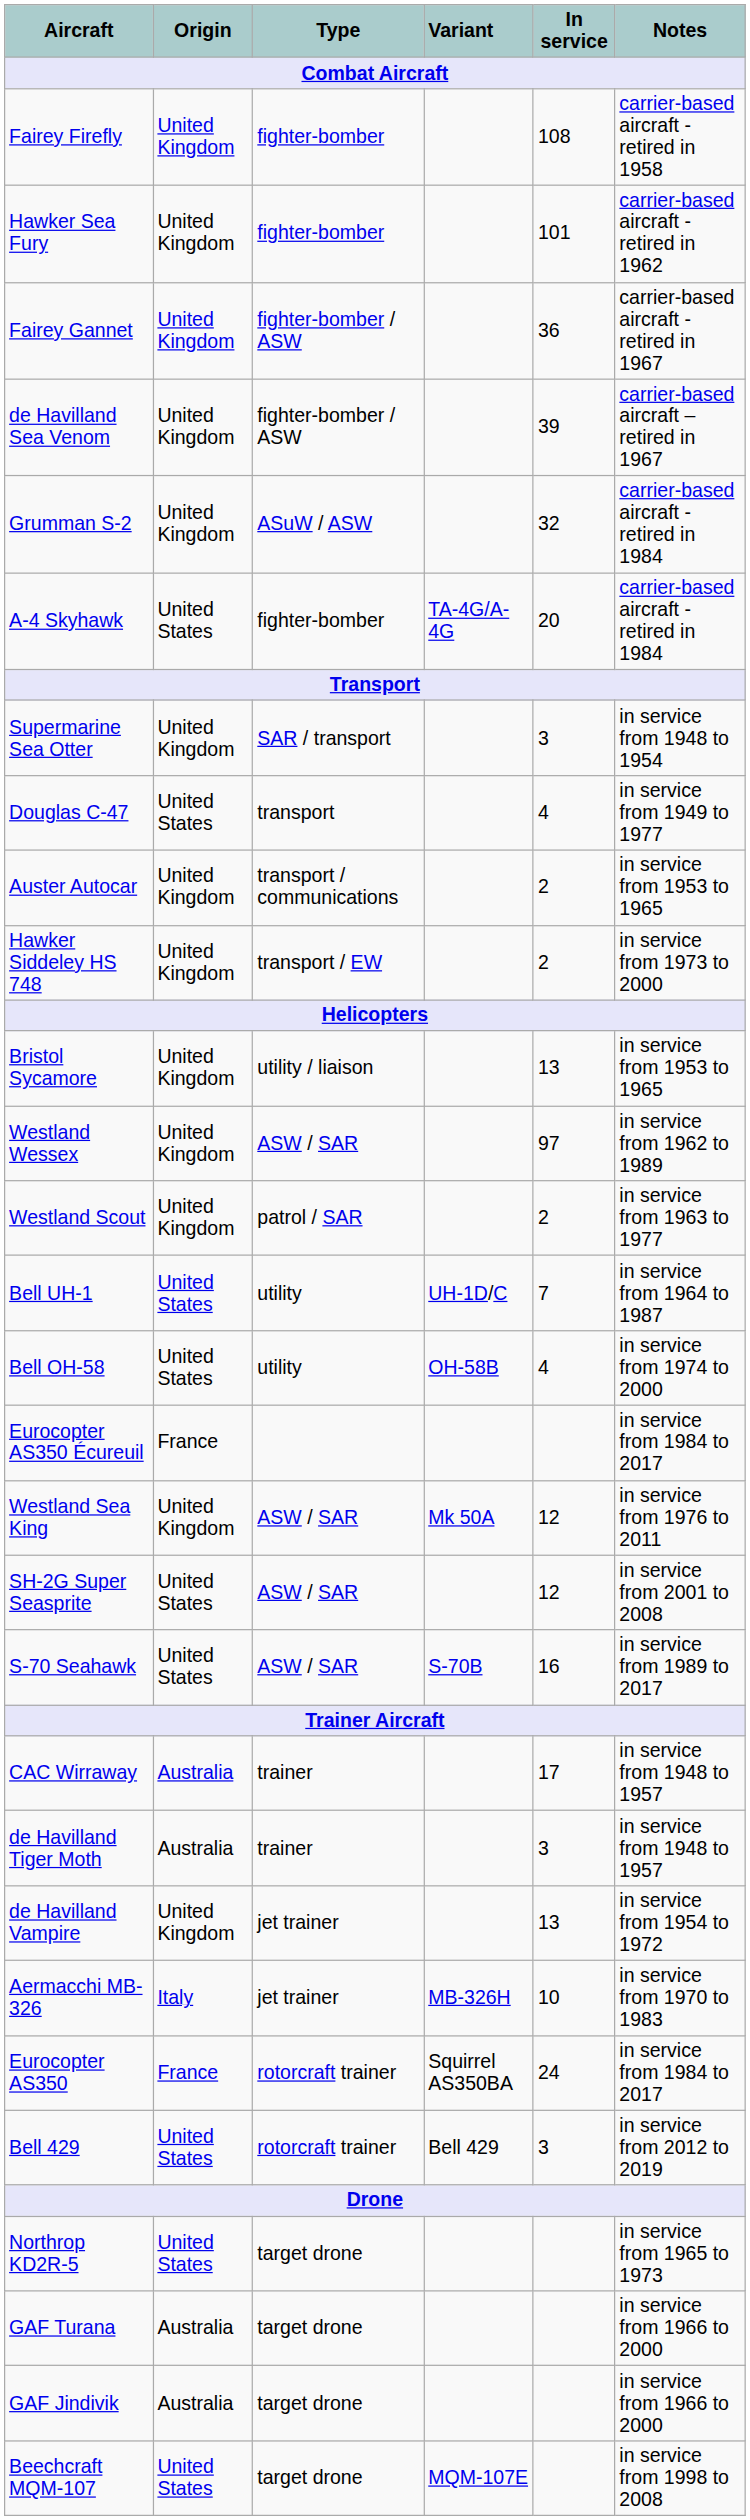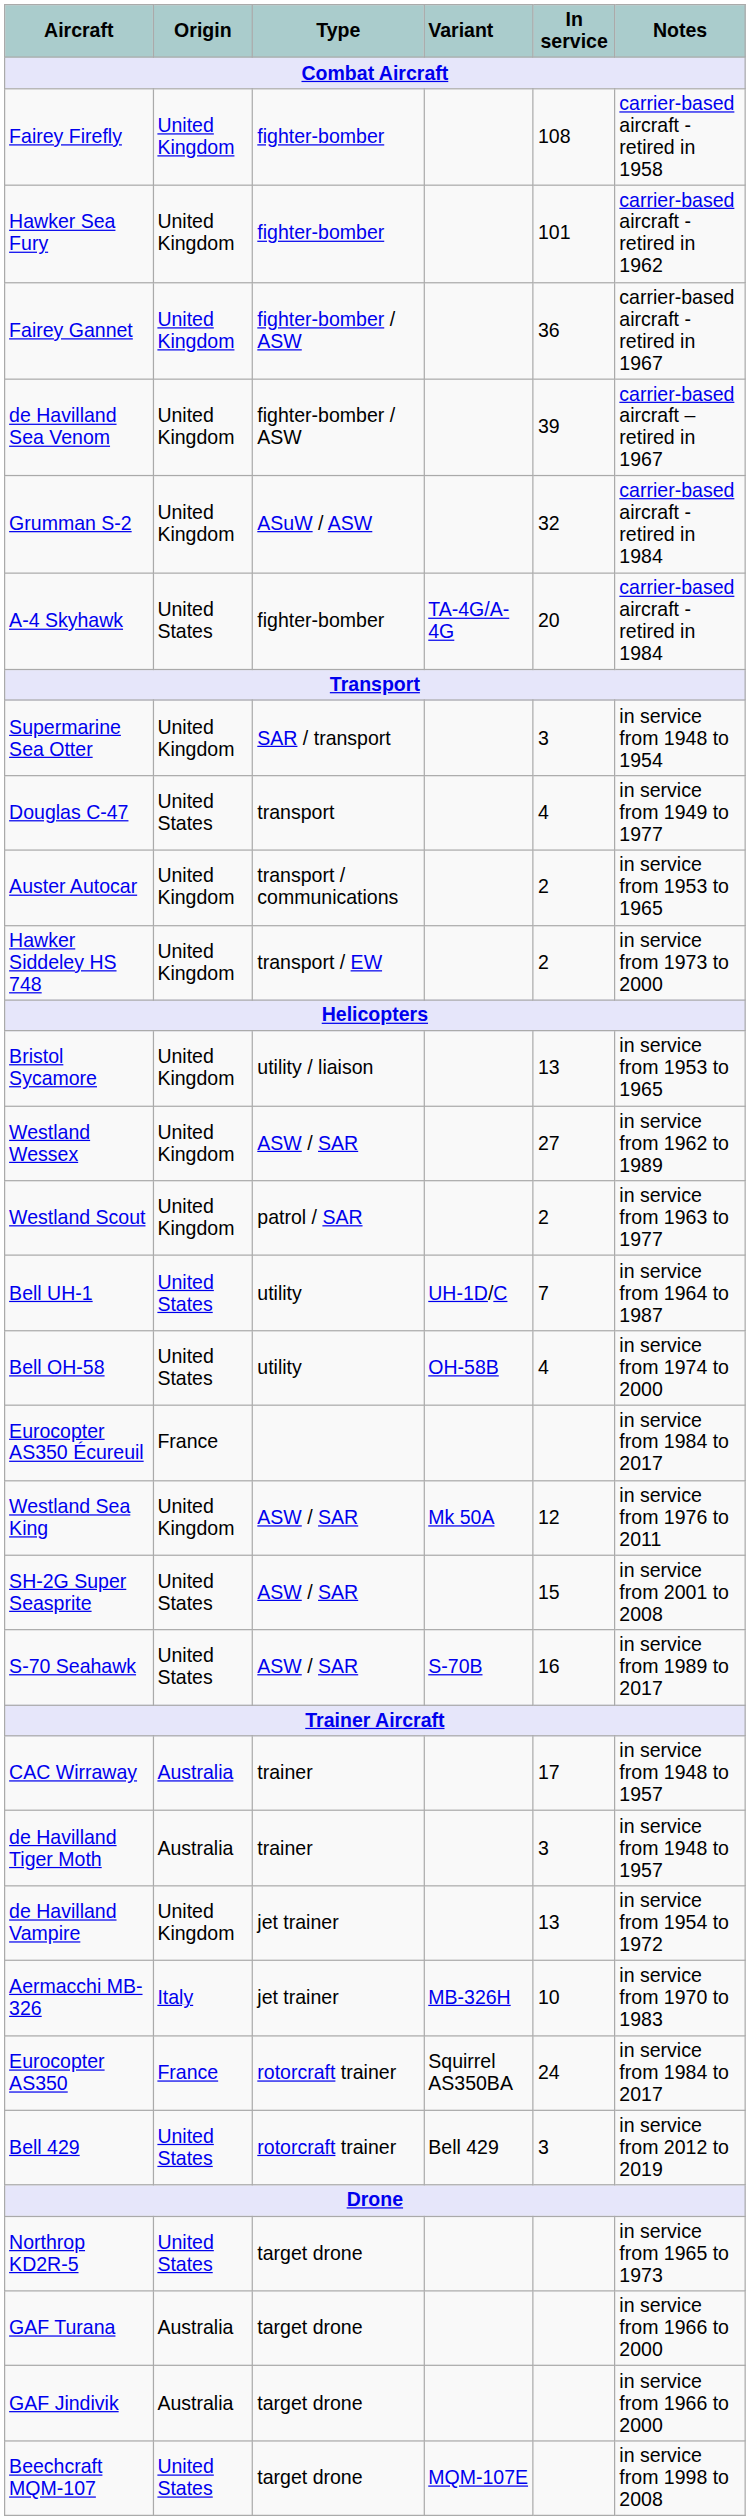 <table class="wikitable">
 <tr>
 <th style="text-align:center; background:#acc;">Aircraft</th>
 <th style="text-align: center; background:#acc;">Origin</th>
 <th style="text-align:l center; background:#acc;">Type</th>
 <th style="text-align:left; background:#acc;">Variant</th>
 <th style="text-align:center; background:#acc;">In service</th>
 <th style="text-align: center; background:#acc;">Notes</th>
 </tr>
 <tr>
 <th style="align: center; background: lavender;" colspan="7"><a href='#'>Combat Aircraft</a></th>
 </tr>
 <tr>
 <td><a href='#'>Fairey Firefly</a></td>
 <td><a href='#'>United Kingdom</a></td>
 <td><a href='#'>fighter-bomber</a></td>
 <td></td>
 <td>108</td>
 <td><a href='#'>carrier-based</a> aircraft - retired in 1958</td>
 </tr>
 <tr>
 <td><a href='#'>Hawker Sea Fury</a></td>
 <td>United Kingdom</td>
 <td><a href='#'>fighter-bomber</a></td>
 <td></td>
 <td>101</td>
 <td><a href='#'>carrier-based</a> aircraft - retired in 1962</td>
 </tr>
 <tr>
 <td><a href='#'>Fairey Gannet</a></td>
 <td><a href='#'>United Kingdom</a></td>
 <td><a href='#'>fighter-bomber</a> / <a href='#'>ASW</a></td>
 <td></td>
 <td>36</td>
 <td>carrier-based aircraft - retired in 1967</td>
 </tr>
 <tr>
 <td><a href='#'>de Havilland Sea Venom</a></td>
 <td>United Kingdom</td>
 <td>fighter-bomber / ASW</td>
 <td></td>
 <td>39</td>
 <td><a href='#'>carrier-based</a> aircraft – retired in 1967</td>
 </tr>
 <tr>
 <td><a href='#'>Grumman S-2</a></td>
 <td>United Kingdom</td>
 <td><a href='#'>ASuW</a> / <a href='#'>ASW</a></td>
 <td></td>
 <td>32</td>
 <td><a href='#'>carrier-based</a> aircraft - retired in 1984</td>
 </tr>
 <tr>
 <td><a href='#'>A-4 Skyhawk</a></td>
 <td>United States</td>
 <td>fighter-bomber</td>
 <td><a href='#'>TA-4G/A-4G</a></td>
 <td>20</td>
 <td><a href='#'>carrier-based</a> aircraft - retired in 1984</td>
 </tr>
 <tr>
 <th style="align: center; background: lavender;" colspan="7"><a href='#'>Transport</a></th>
 </tr>
 <tr>
 <td><a href='#'>Supermarine Sea Otter</a></td>
 <td>United Kingdom</td>
 <td><a href='#'>SAR</a> / transport</td>
 <td></td>
 <td>3</td>
 <td>in service from 1948 to 1954</td>
 </tr>
 <tr>
 <td><a href='#'>Douglas C-47</a></td>
 <td>United States</td>
 <td>transport</td>
 <td></td>
 <td>4</td>
 <td>in service from 1949 to 1977</td>
 </tr>
 <tr>
 <td><a href='#'>Auster Autocar</a></td>
 <td>United Kingdom</td>
 <td>transport / communications</td>
 <td></td>
 <td>2</td>
 <td>in service from 1953 to 1965</td>
 </tr>
 <tr>
 <td><a href='#'>Hawker Siddeley HS 748</a></td>
 <td>United Kingdom</td>
 <td>transport / <a href='#'>EW</a></td>
 <td></td>
 <td>2</td>
 <td>in service from 1973 to 2000</td>
 </tr>
 <tr>
 <th style="align: center; background: lavender;" colspan="7"><a href='#'>Helicopters</a></th>
 </tr>
 <tr>
 <td><a href='#'>Bristol Sycamore</a></td>
 <td>United Kingdom</td>
 <td>utility / liaison</td>
 <td></td>
 <td>13</td>
 <td>in service from 1953 to 1965</td>
 </tr>
 <tr>
 <td><a href='#'>Westland Wessex</a></td>
 <td>United Kingdom</td>
 <td><a href='#'>ASW</a> / <a href='#'>SAR</a></td>
 <td></td>
-<td>97</td>
+<td>27</td>
 <td>in service from  1962 to 1989</td>
 </tr>
 <tr>
 <td><a href='#'>Westland Scout</a></td>
 <td>United Kingdom</td>
 <td>patrol / <a href='#'>SAR</a></td>
 <td></td>
 <td>2</td>
 <td>in service from 1963 to 1977</td>
 </tr>
 <tr>
 <td><a href='#'>Bell UH-1</a></td>
 <td><a href='#'>United States</a></td>
 <td>utility</td>
 <td><a href='#'>UH-1D</a>/<a href='#'>C</a></td>
 <td>7</td>
 <td>in service from 1964 to 1987</td>
 </tr>
 <tr>
 <td><a href='#'>Bell OH-58</a></td>
 <td>United States</td>
 <td>utility</td>
 <td><a href='#'>OH-58B</a></td>
 <td>4</td>
 <td>in service from 1974 to 2000</td>
 </tr>
 <tr>
 <td><a href='#'>Eurocopter AS350 Écureuil</a></td>
 <td>France</td>
 <td></td>
 <td></td>
 <td></td>
 <td>in service from 1984 to 2017</td>
 </tr>
 <tr>
 <td><a href='#'>Westland Sea King</a></td>
 <td>United Kingdom</td>
 <td><a href='#'>ASW</a> / <a href='#'>SAR</a></td>
 <td><a href='#'>Mk 50A</a></td>
 <td>12</td>
 <td>in service from 1976 to 2011</td>
 </tr>
 <tr>
 <td><a href='#'>SH-2G Super Seasprite</a></td>
 <td>United States</td>
 <td><a href='#'>ASW</a> / <a href='#'>SAR</a></td>
 <td></td>
-<td>12</td>
+<td>15</td>
 <td>in service from 2001 to 2008</td>
 </tr>
 <tr>
 <td><a href='#'>S-70 Seahawk</a></td>
 <td>United States</td>
 <td><a href='#'>ASW</a> / <a href='#'>SAR</a></td>
 <td><a href='#'>S-70B</a></td>
 <td>16</td>
 <td>in service from 1989 to 2017</td>
 </tr>
 <tr>
 <th style="align: center; background: lavender;" colspan="7"><a href='#'>Trainer Aircraft</a></th>
 </tr>
 <tr>
 <td><a href='#'>CAC Wirraway</a></td>
 <td><a href='#'>Australia</a></td>
 <td>trainer</td>
 <td></td>
 <td>17</td>
 <td>in service from 1948 to 1957</td>
 </tr>
 <tr>
 <td><a href='#'>de Havilland Tiger Moth</a></td>
 <td>Australia</td>
 <td>trainer</td>
 <td></td>
 <td>3</td>
 <td>in service from 1948 to 1957</td>
 </tr>
 <tr>
 <td><a href='#'>de Havilland Vampire</a></td>
 <td>United Kingdom</td>
 <td>jet trainer</td>
 <td></td>
 <td>13</td>
 <td>in service from 1954 to 1972</td>
 </tr>
 <tr>
 <td><a href='#'>Aermacchi MB-326</a></td>
 <td><a href='#'>Italy</a></td>
 <td>jet trainer</td>
 <td><a href='#'>MB-326H</a></td>
 <td>10</td>
 <td>in service from 1970 to 1983</td>
 </tr>
 <tr>
 <td><a href='#'>Eurocopter AS350</a></td>
 <td><a href='#'>France</a></td>
 <td><a href='#'>rotorcraft</a> trainer</td>
 <td>Squirrel AS350BA</td>
 <td>24</td>
 <td>in service from 1984 to 2017</td>
 </tr>
 <tr>
 <td><a href='#'>Bell 429</a></td>
 <td><a href='#'>United States</a></td>
 <td><a href='#'>rotorcraft</a> trainer</td>
 <td>Bell 429</td>
 <td>3</td>
 <td>in service from 2012 to 2019</td>
 </tr>
 <tr>
 <th style="align: center; background: lavender;" colspan="7"><a href='#'>Drone</a></th>
 </tr>
 <tr>
 <td><a href='#'>Northrop KD2R-5</a></td>
 <td><a href='#'>United States</a></td>
 <td>target drone</td>
 <td></td>
 <td></td>
 <td>in service from 1965 to 1973</td>
 </tr>
 <tr>
 <td><a href='#'>GAF Turana</a></td>
 <td>Australia</td>
 <td>target drone</td>
 <td></td>
 <td></td>
 <td>in service from 1966 to 2000</td>
 </tr>
 <tr>
 <td><a href='#'>GAF Jindivik</a></td>
 <td>Australia</td>
 <td>target drone</td>
 <td></td>
 <td></td>
 <td>in service from 1966 to 2000</td>
 </tr>
 <tr>
 <td><a href='#'>Beechcraft MQM-107</a></td>
 <td><a href='#'>United States</a></td>
 <td>target drone</td>
 <td><a href='#'>MQM-107E</a></td>
 <td></td>
 <td>in service from 1998 to 2008</td>
 </tr>
 </table>
